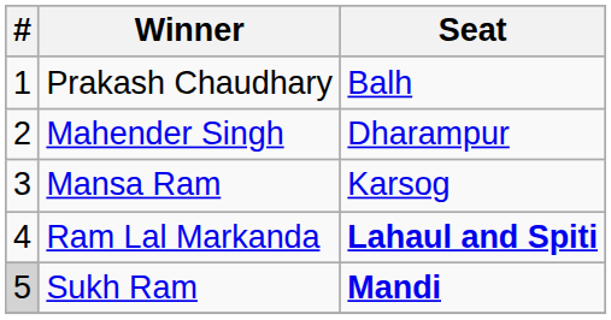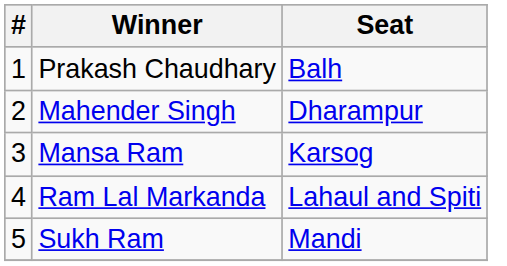 <table class="wikitable sortable">
 <tr>
 <th>#</th>
 <th>Winner</th>
 <th>Seat</th>
 </tr>
 <tr>
 <td>1</td>
 <td>Prakash Chaudhary</td>
 <td><a href='#'>Balh</a></td>
 </tr>
 <tr>
 <td>2</td>
 <td><a href='#'>Mahender Singh</a></td>
 <td><a href='#'>Dharampur</a></td>
 </tr>
 <tr>
 <td>3</td>
 <td><a href='#'>Mansa Ram</a></td>
 <td><a href='#'>Karsog</a></td>
 </tr>
 <tr>
 <td>4</td>
 <td><a href='#'>Ram Lal Markanda</a></td>
-<td><strong><a href='#'>Lahaul and Spiti</a></strong></td>
+<td><a href='#'>Lahaul and Spiti</a></td>
 </tr>
 <tr>
-<td style="background: lightgrey;">5</td>
+<td>5</td>
 <td><a href='#'>Sukh Ram</a></td>
-<td><strong><a href='#'>Mandi</a></strong></td>
+<td><a href='#'>Mandi</a></td>
 </tr>
 <tr>
 </tr>
 </table>
